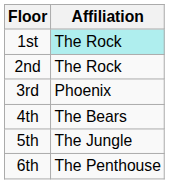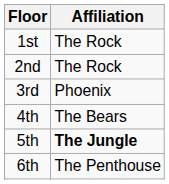 <table class="wikitable" border="1">
 <tr>
 <th>Floor</th>
 <th>Affiliation</th>
 </tr>
 <tr>
 <td align="center">1st</td>
-<td style="background: paleturquoise;">The Rock</td>
+<td>The Rock</td>
 </tr>
 <tr>
 <td align="center">2nd</td>
 <td>The Rock</td>
 </tr>
 <tr>
 <td align="center">3rd</td>
 <td>Phoenix</td>
 </tr>
 <tr>
 <td align="center">4th</td>
 <td>The Bears</td>
 </tr>
 <tr>
 <td align="center">5th</td>
-<td>The Jungle</td>
+<td><strong>The Jungle</strong></td>
 </tr>
 <tr>
 <td align="center">6th</td>
 <td>The Penthouse</td>
 </tr>
 </table>
